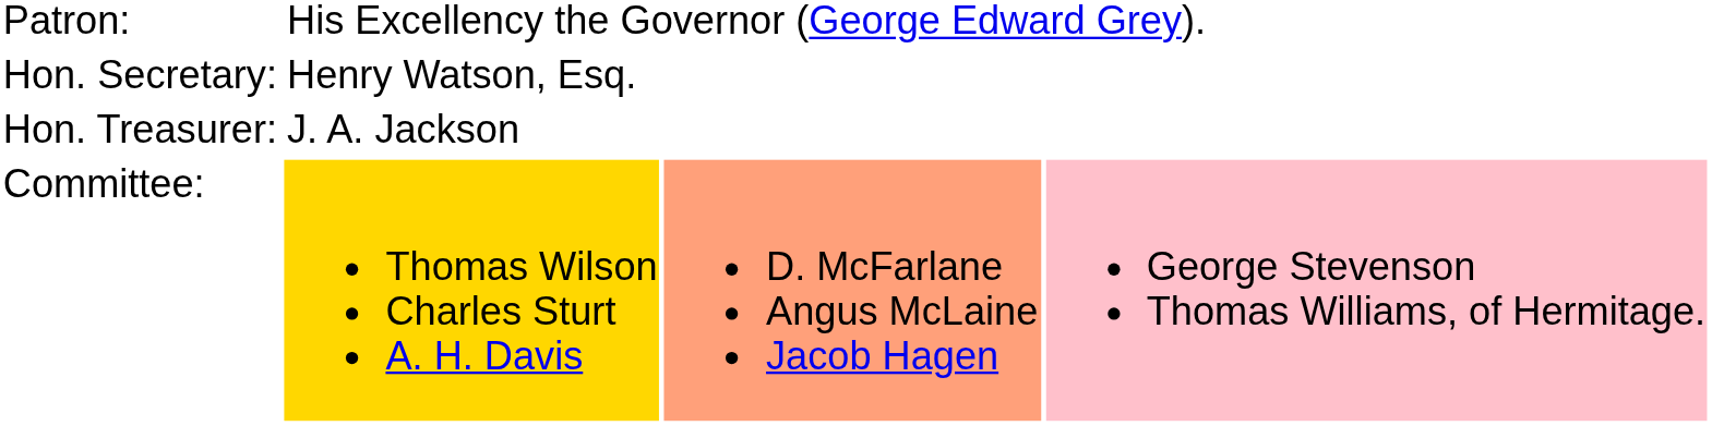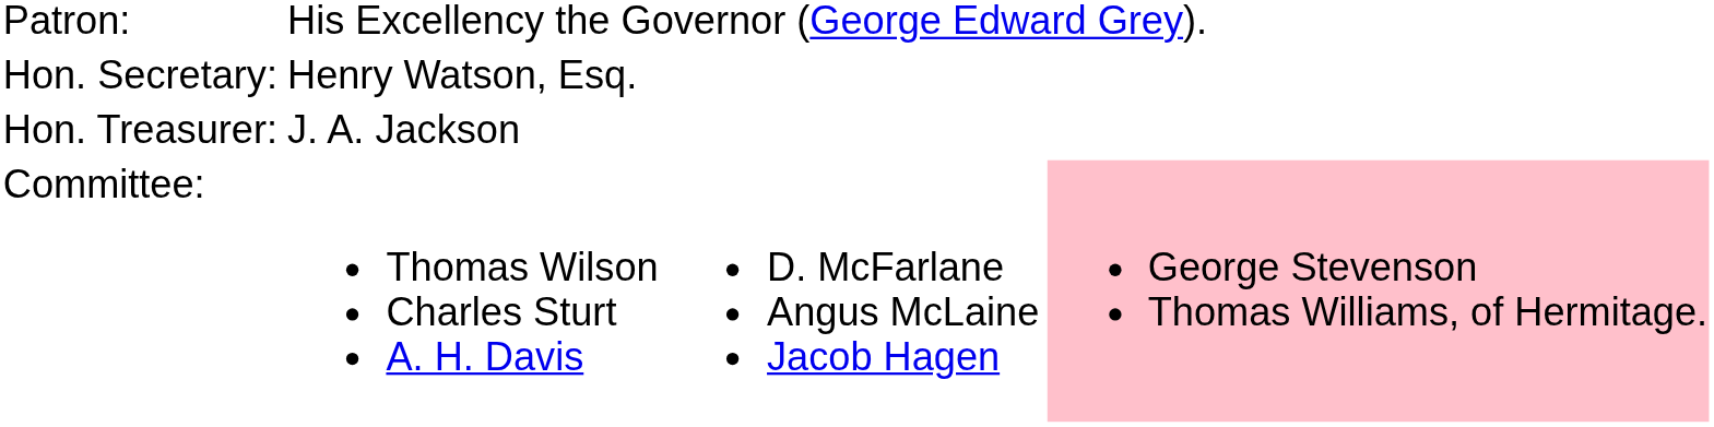 <table>
 <tr>
 <td>Patron:</td>
 <td colspan=6>His Excellency the Governor (<a href='#'>George Edward Grey</a>).</td>
 </tr>
 <tr>
 <td>Hon. Secretary:</td>
 <td colspan=6>Henry Watson, Esq.</td>
 </tr>
 <tr>
 <td>Hon. Treasurer:</td>
 <td colspan=6>J. A. Jackson</td>
 </tr>
 <tr valign=top>
 <td>Committee:</td>
-<td style="background: gold;"><br><ul><li>Thomas Wilson</li><li>Charles Sturt</li><li><a href='#'>A. H. Davis</a></li></ul></td>
-<td style="background: lightsalmon;"><br><ul><li>D. McFarlane</li><li>Angus McLaine</li><li><a href='#'>Jacob Hagen</a></li></ul></td>
+<td><br><ul><li>Thomas Wilson</li><li>Charles Sturt</li><li><a href='#'>A. H. Davis</a></li></ul></td>
+<td><br><ul><li>D. McFarlane</li><li>Angus McLaine</li><li><a href='#'>Jacob Hagen</a></li></ul></td>
 <td style="background: pink;"><br><ul><li>George Stevenson</li><li>Thomas Williams, of Hermitage.</li></ul></td>
 </tr>
 </table>
